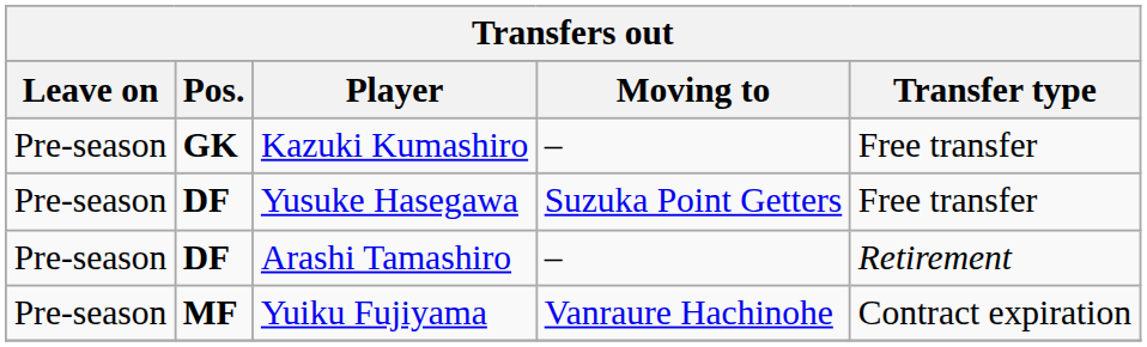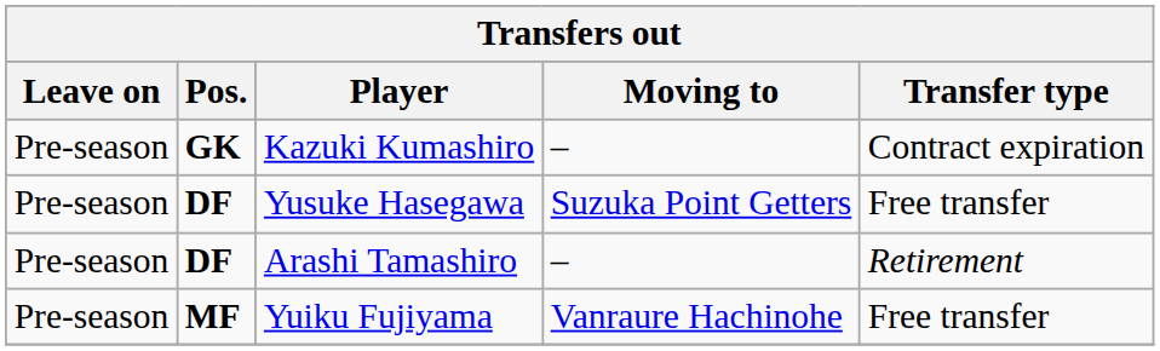 <table class="wikitable sortable" style=“text-align:left;>
 <tr>
 <th colspan="5">Transfers out</th>
 </tr>
 <tr>
 <th>Leave on</th>
 <th>Pos.</th>
 <th>Player</th>
 <th>Moving to</th>
 <th>Transfer type</th>
 </tr>
 <tr>
 <td>Pre-season</td>
 <td><strong>GK</strong></td>
 <td> <a href='#'>Kazuki Kumashiro</a></td>
 <td>–</td>
-<td>Free transfer</td>
+<td>Contract expiration</td>
 </tr>
 <tr>
 <td>Pre-season</td>
 <td><strong>DF</strong></td>
 <td> <a href='#'>Yusuke Hasegawa</a></td>
 <td> <a href='#'>Suzuka Point Getters</a></td>
 <td>Free transfer</td>
 </tr>
 <tr>
 <td>Pre-season</td>
 <td><strong>DF</strong></td>
 <td> <a href='#'>Arashi Tamashiro</a></td>
 <td>–</td>
 <td><em>Retirement</em></td>
 </tr>
 <tr>
 <td>Pre-season</td>
 <td><strong>MF</strong></td>
 <td> <a href='#'>Yuiku Fujiyama</a></td>
 <td> <a href='#'>Vanraure Hachinohe</a></td>
-<td>Contract expiration</td>
+<td>Free transfer</td>
 </tr>
 <tr>
 </tr>
 </table>
